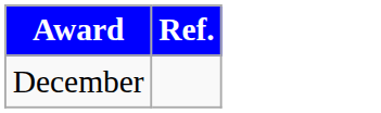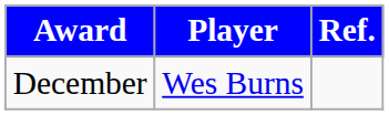 <table class="wikitable" style="text-align:center">
 <tr>
 <th style="background:blue; color:white; width=0%">Award</th>
+<th style="background:blue; color:white; width=0%">Player</th>
 <th style="background:blue; color:white; width=0%">Ref.</th>
 </tr>
 <tr>
 <td>December</td>
+<td> <a href='#'>Wes Burns</a></td>
 <td></td>
 </tr>
 </table>
